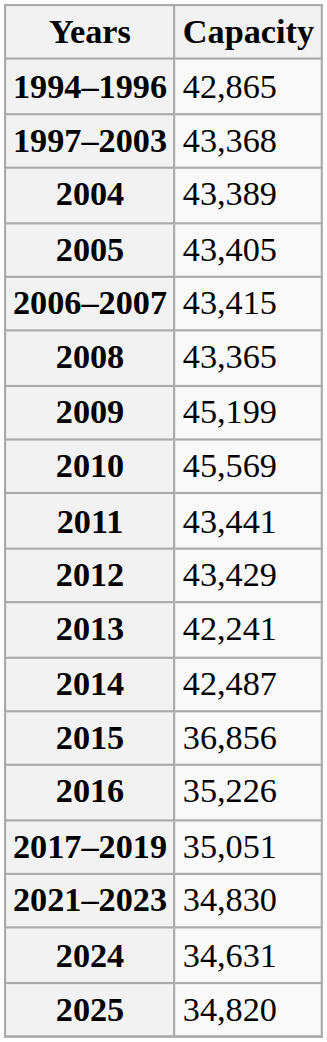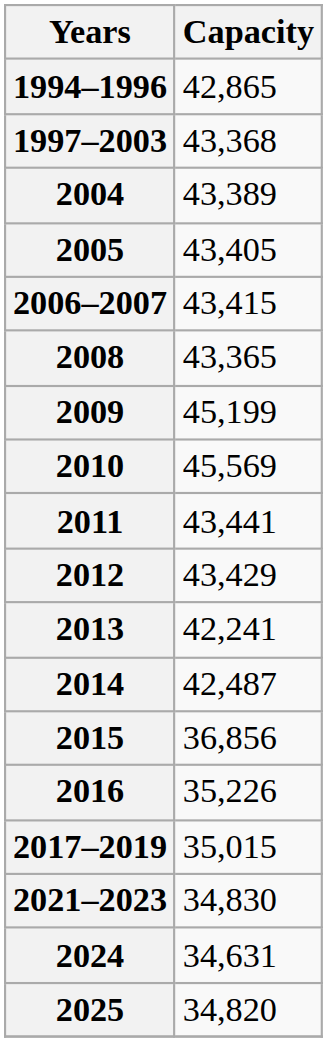 <table class="wikitable">
 <tr>
 <th scope="row">Years</th>
 <th scope="row">Capacity</th>
 </tr>
 <tr>
 <th scope="row">1994–1996</th>
 <td>42,865</td>
 </tr>
 <tr>
 <th scope="row">1997–2003</th>
 <td>43,368</td>
 </tr>
 <tr>
 <th scope="row">2004</th>
 <td>43,389<br></td>
 </tr>
 <tr>
 <th scope="row">2005</th>
 <td>43,405</td>
 </tr>
 <tr>
 <th scope="row">2006–2007</th>
 <td>43,415</td>
 </tr>
 <tr>
 <th scope="row">2008</th>
 <td>43,365</td>
 </tr>
 <tr>
 <th scope="row">2009</th>
 <td>45,199</td>
 </tr>
 <tr>
 <th scope="row">2010</th>
 <td>45,569</td>
 </tr>
 <tr>
 <th scope="row">2011</th>
 <td>43,441</td>
 </tr>
 <tr>
 <th scope="row">2012</th>
 <td>43,429</td>
 </tr>
 <tr>
 <th scope="row">2013</th>
 <td>42,241</td>
 </tr>
 <tr>
 <th scope="row">2014</th>
 <td>42,487</td>
 </tr>
 <tr>
 <th scope="row">2015</th>
 <td>36,856</td>
 </tr>
 <tr>
 <th scope="row">2016</th>
 <td>35,226</td>
 </tr>
 <tr>
 <th scope="row">2017–2019</th>
-<td>35,051</td>
+<td>35,015</td>
 </tr>
 <tr>
 <th scope="row">2021–2023</th>
 <td>34,830</td>
 </tr>
 <tr>
 <th scope="row">2024</th>
 <td>34,631</td>
 </tr>
 <tr>
 <th scope="row">2025</th>
 <td>34,820</td>
 </tr>
 <tr>
 </tr>
 <tr>
 </tr>
 </table>
